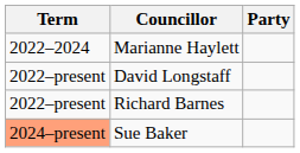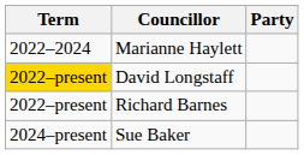 <table class="wikitable">
 <tr>
 <th>Term</th>
 <th>Councillor</th>
 <th colspan=2>Party</th>
 </tr>
 <tr>
 <td>2022–2024</td>
 <td>Marianne Haylett</td>
 <td></td>
 </tr>
 <tr>
-<td>2022–present</td>
+<td style="background: gold;">2022–present</td>
 <td>David Longstaff</td>
 <td></td>
 </tr>
 <tr>
 <td>2022–present</td>
 <td>Richard Barnes</td>
 <td></td>
 </tr>
 <tr>
-<td style="background: lightsalmon;">2024–present</td>
+<td>2024–present</td>
 <td>Sue Baker</td>
 <td></td>
 </tr>
 </table>
